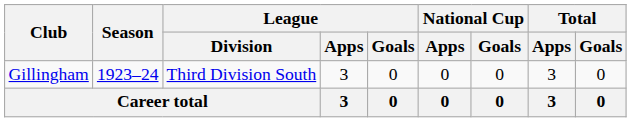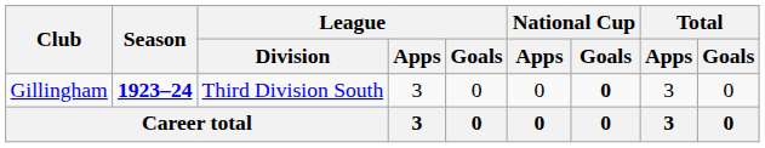 <table class="wikitable" style="text-align: center">
 <tr>
 <th rowspan="2">Club</th>
 <th rowspan="2">Season</th>
 <th colspan="3">League</th>
 <th colspan="2">National Cup</th>
 <th colspan="2">Total</th>
 </tr>
 <tr>
 <th>Division</th>
 <th>Apps</th>
 <th>Goals</th>
 <th>Apps</th>
 <th>Goals</th>
 <th>Apps</th>
 <th>Goals</th>
 </tr>
 <tr>
 <td><a href='#'>Gillingham</a></td>
-<td><a href='#'>1923–24</a></td>
+<td><strong><a href='#'>1923–24</a></strong></td>
 <td><a href='#'>Third Division South</a></td>
 <td>3</td>
 <td>0</td>
 <td>0</td>
-<td>0</td>
+<td><strong>0</strong></td>
 <td>3</td>
 <td>0</td>
 </tr>
 <tr>
 <th colspan="3">Career total</th>
 <th>3</th>
 <th>0</th>
 <th>0</th>
 <th>0</th>
 <th>3</th>
 <th>0</th>
 </tr>
 </table>
